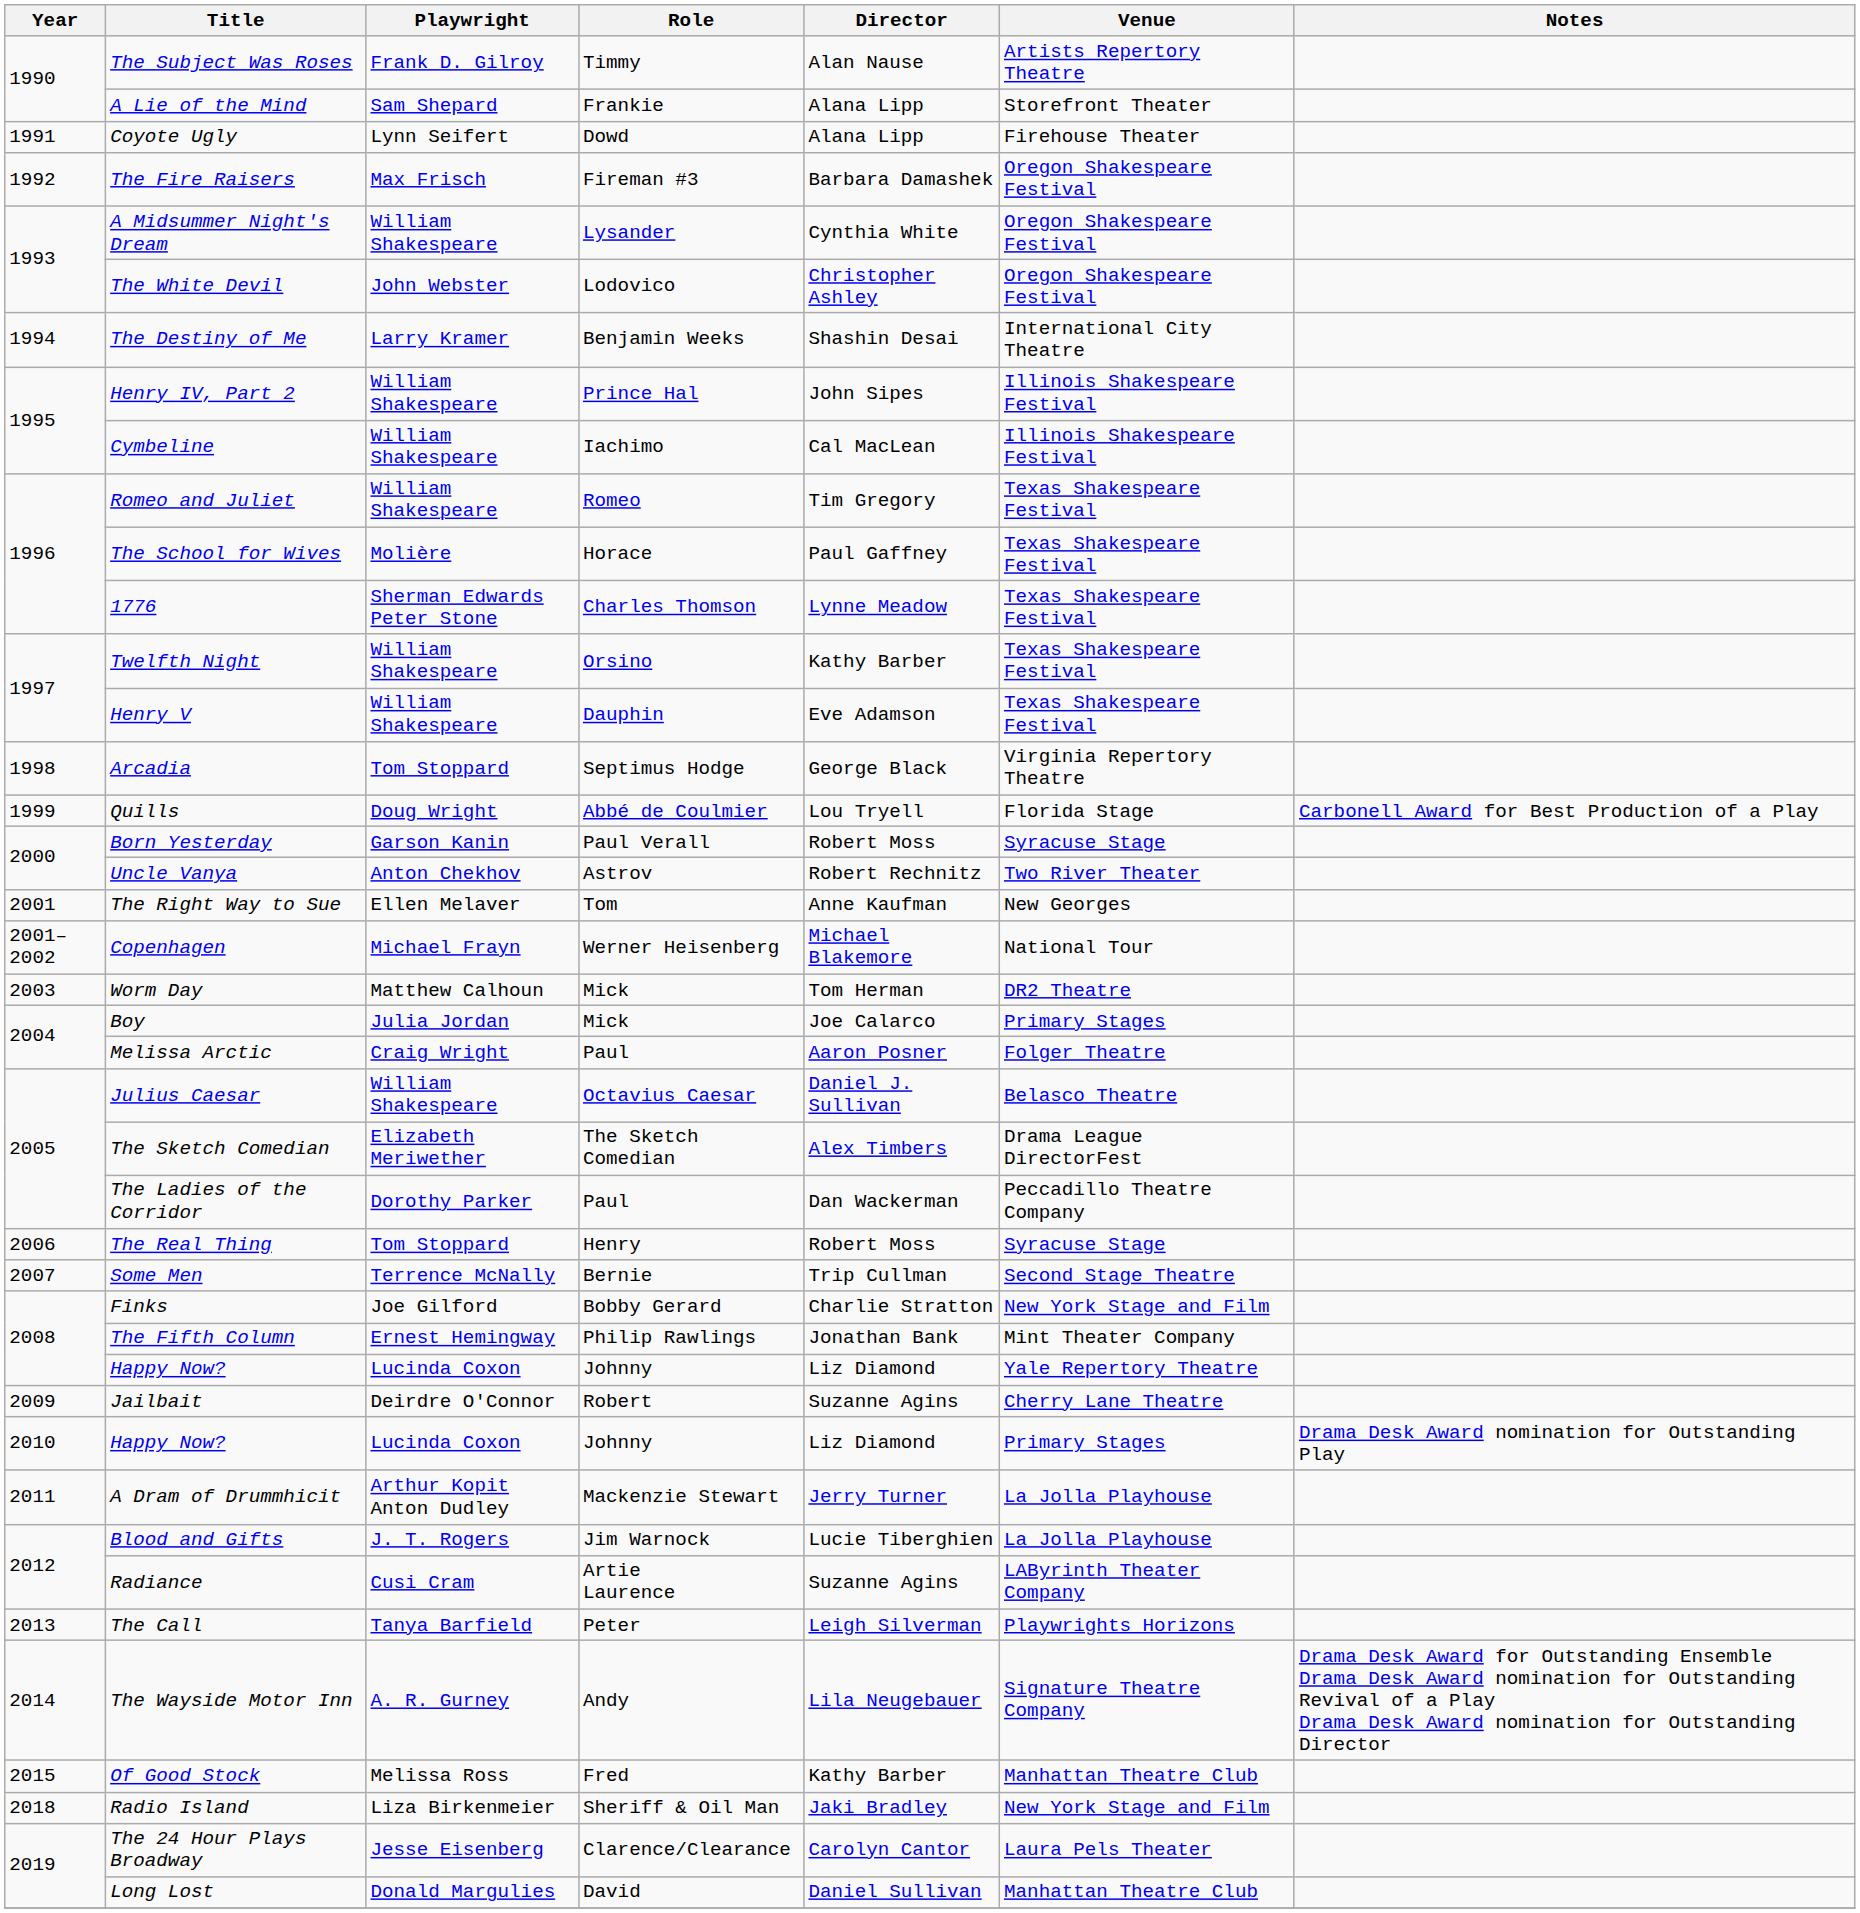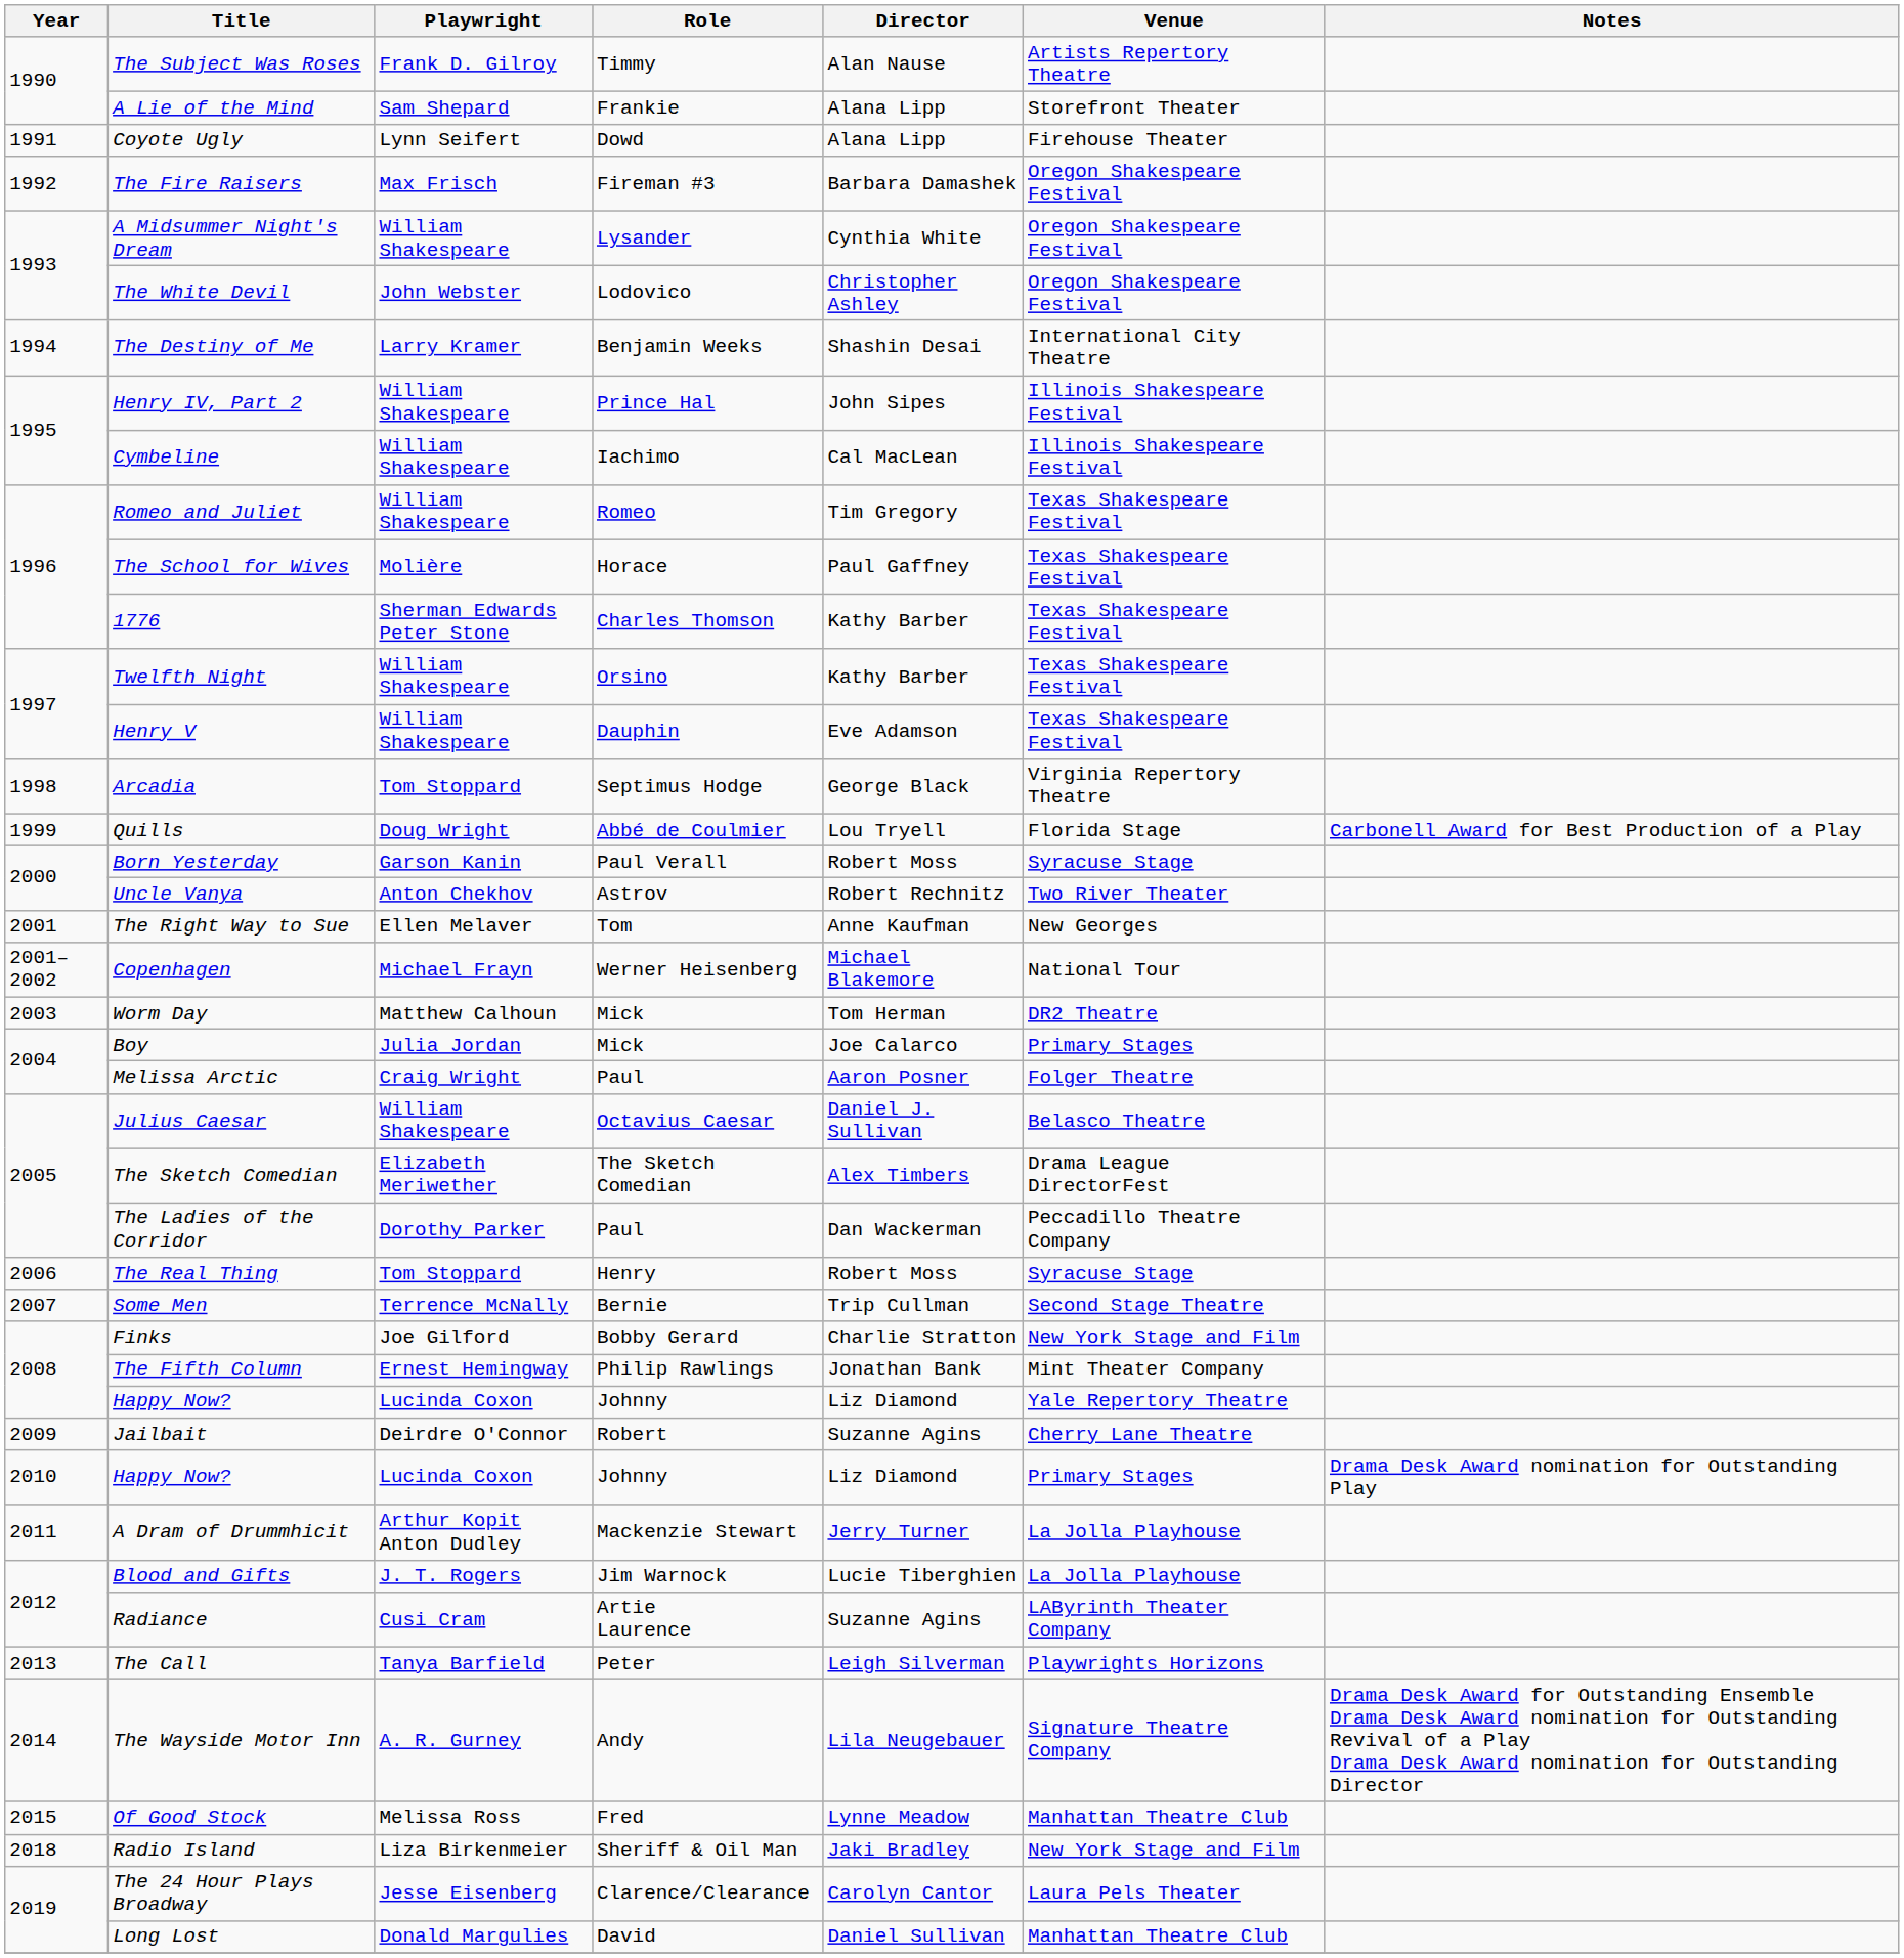 <table class="wikitable sortable">
 <tr>
 <th>Year</th>
 <th>Title</th>
 <th>Playwright</th>
 <th>Role</th>
 <th>Director</th>
 <th>Venue</th>
 <th>Notes</th>
 </tr>
 <tr>
 <td rowspan=2>1990</td>
 <td><em><a href='#'>The Subject Was Roses</a></em></td>
 <td><a href='#'>Frank D. Gilroy</a></td>
 <td>Timmy</td>
 <td>Alan Nause</td>
 <td><a href='#'>Artists Repertory Theatre</a></td>
 <td></td>
 </tr>
 <tr>
 <td><em><a href='#'>A Lie of the Mind</a></em></td>
 <td><a href='#'>Sam Shepard</a></td>
 <td>Frankie</td>
 <td>Alana Lipp</td>
 <td>Storefront Theater</td>
 <td></td>
 </tr>
 <tr>
 <td>1991</td>
 <td><em>Coyote Ugly</em></td>
 <td>Lynn Seifert</td>
 <td>Dowd</td>
 <td>Alana Lipp</td>
 <td>Firehouse Theater</td>
 <td></td>
 </tr>
 <tr>
 <td>1992</td>
 <td><em><a href='#'>The Fire Raisers</a></em></td>
 <td><a href='#'>Max Frisch</a></td>
 <td>Fireman #3</td>
 <td>Barbara Damashek</td>
 <td><a href='#'>Oregon Shakespeare Festival</a></td>
 <td></td>
 </tr>
 <tr>
 <td rowspan=2>1993</td>
 <td><em><a href='#'>A Midsummer Night's Dream</a></em></td>
 <td><a href='#'>William Shakespeare</a></td>
 <td><a href='#'>Lysander</a></td>
 <td>Cynthia White</td>
 <td><a href='#'>Oregon Shakespeare Festival</a></td>
 <td></td>
 </tr>
 <tr>
 <td><em><a href='#'>The White Devil</a></em></td>
 <td><a href='#'>John Webster</a></td>
 <td>Lodovico</td>
 <td><a href='#'>Christopher Ashley</a></td>
 <td><a href='#'>Oregon Shakespeare Festival</a></td>
 <td></td>
 </tr>
 <tr>
 <td>1994</td>
 <td><em><a href='#'>The Destiny of Me</a></em></td>
 <td><a href='#'>Larry Kramer</a></td>
 <td>Benjamin Weeks</td>
 <td>Shashin Desai</td>
 <td>International City Theatre</td>
 <td></td>
 </tr>
 <tr>
 <td rowspan=2>1995</td>
 <td><em><a href='#'>Henry IV, Part 2</a></em></td>
 <td><a href='#'>William Shakespeare</a></td>
 <td><a href='#'>Prince Hal</a></td>
 <td>John Sipes</td>
 <td><a href='#'>Illinois Shakespeare Festival</a></td>
 <td></td>
 </tr>
 <tr>
 <td><em><a href='#'>Cymbeline</a></em></td>
 <td><a href='#'>William Shakespeare</a></td>
 <td>Iachimo</td>
 <td>Cal MacLean</td>
 <td><a href='#'>Illinois Shakespeare Festival</a></td>
 <td></td>
 </tr>
 <tr>
 <td rowspan=3>1996</td>
 <td><em><a href='#'>Romeo and Juliet</a></em></td>
 <td><a href='#'>William Shakespeare</a></td>
 <td><a href='#'>Romeo</a></td>
 <td>Tim Gregory</td>
 <td><a href='#'>Texas Shakespeare Festival</a></td>
 <td></td>
 </tr>
 <tr>
 <td><em><a href='#'>The School for Wives</a></em></td>
 <td><a href='#'>Molière</a></td>
 <td>Horace</td>
 <td>Paul Gaffney</td>
 <td><a href='#'>Texas Shakespeare Festival</a></td>
 <td></td>
 </tr>
 <tr>
 <td><em><a href='#'>1776</a></em></td>
 <td><a href='#'>Sherman Edwards</a> <br> <a href='#'>Peter Stone</a></td>
 <td><a href='#'>Charles Thomson</a></td>
-<td><a href='#'>Lynne Meadow</a></td>
+<td>Kathy Barber</td>
 <td><a href='#'>Texas Shakespeare Festival</a></td>
 <td></td>
 </tr>
 <tr>
 <td rowspan=2>1997</td>
 <td><em><a href='#'>Twelfth Night</a></em></td>
 <td><a href='#'>William Shakespeare</a></td>
 <td><a href='#'>Orsino</a></td>
 <td>Kathy Barber</td>
 <td><a href='#'>Texas Shakespeare Festival</a></td>
 <td></td>
 </tr>
 <tr>
 <td><em><a href='#'>Henry V</a></em></td>
 <td><a href='#'>William Shakespeare</a></td>
 <td><a href='#'>Dauphin</a></td>
 <td>Eve Adamson</td>
 <td><a href='#'>Texas Shakespeare Festival</a></td>
 <td></td>
 </tr>
 <tr>
 <td>1998</td>
 <td><em><a href='#'>Arcadia</a></em></td>
 <td><a href='#'>Tom Stoppard</a></td>
 <td>Septimus Hodge</td>
 <td>George Black</td>
 <td>Virginia Repertory Theatre</td>
 <td></td>
 </tr>
 <tr>
 <td>1999</td>
 <td><em>Quills</em></td>
 <td><a href='#'>Doug Wright</a></td>
 <td><a href='#'>Abbé de Coulmier</a></td>
 <td>Lou Tryell</td>
 <td>Florida Stage</td>
 <td><a href='#'>Carbonell Award</a> for Best Production of a Play</td>
 </tr>
 <tr>
 <td rowspan=2>2000</td>
 <td><em><a href='#'>Born Yesterday</a></em></td>
 <td><a href='#'>Garson Kanin</a></td>
 <td>Paul Verall</td>
 <td>Robert Moss</td>
 <td><a href='#'>Syracuse Stage</a></td>
 <td></td>
 </tr>
 <tr>
 <td><em><a href='#'>Uncle Vanya</a></em></td>
 <td><a href='#'>Anton Chekhov</a></td>
 <td>Astrov</td>
 <td>Robert Rechnitz</td>
 <td><a href='#'>Two River Theater</a></td>
 <td></td>
 </tr>
 <tr>
 <td>2001</td>
 <td><em>The Right Way to Sue</em></td>
 <td>Ellen Melaver</td>
 <td>Tom</td>
 <td>Anne Kaufman</td>
 <td>New Georges</td>
 <td></td>
 </tr>
 <tr>
 <td>2001–2002</td>
 <td><em><a href='#'>Copenhagen</a></em></td>
 <td><a href='#'>Michael Frayn</a></td>
 <td>Werner Heisenberg</td>
 <td><a href='#'>Michael Blakemore</a></td>
 <td>National Tour</td>
 <td></td>
 </tr>
 <tr>
 <td>2003</td>
 <td><em>Worm Day</em></td>
 <td>Matthew Calhoun</td>
 <td>Mick</td>
 <td>Tom Herman</td>
 <td><a href='#'>DR2 Theatre</a></td>
 <td></td>
 </tr>
 <tr>
 <td rowspan=2>2004</td>
 <td><em>Boy</em></td>
 <td><a href='#'>Julia Jordan</a></td>
 <td>Mick</td>
 <td>Joe Calarco</td>
 <td><a href='#'>Primary Stages</a></td>
 <td></td>
 </tr>
 <tr>
 <td><em>Melissa Arctic</em></td>
 <td><a href='#'>Craig Wright</a></td>
 <td>Paul</td>
 <td><a href='#'>Aaron Posner</a></td>
 <td><a href='#'>Folger Theatre</a></td>
 <td></td>
 </tr>
 <tr>
 <td rowspan=3>2005</td>
 <td><em><a href='#'>Julius Caesar</a></em></td>
 <td><a href='#'>William Shakespeare</a></td>
 <td><a href='#'>Octavius Caesar</a></td>
 <td><a href='#'>Daniel J. Sullivan</a></td>
 <td><a href='#'>Belasco Theatre</a></td>
 <td></td>
 </tr>
 <tr>
 <td><em>The Sketch Comedian</em></td>
 <td><a href='#'>Elizabeth Meriwether</a></td>
 <td>The Sketch Comedian</td>
 <td><a href='#'>Alex Timbers</a></td>
 <td>Drama League DirectorFest</td>
 <td></td>
 </tr>
 <tr>
 <td><em>The Ladies of the Corridor</em></td>
 <td><a href='#'>Dorothy Parker</a></td>
 <td>Paul</td>
 <td>Dan Wackerman</td>
 <td>Peccadillo Theatre Company</td>
 <td></td>
 </tr>
 <tr>
 <td>2006</td>
 <td><em><a href='#'>The Real Thing</a></em></td>
 <td><a href='#'>Tom Stoppard</a></td>
 <td>Henry</td>
 <td>Robert Moss</td>
 <td><a href='#'>Syracuse Stage</a></td>
 <td></td>
 </tr>
 <tr>
 <td>2007</td>
 <td><em><a href='#'>Some Men</a></em></td>
 <td><a href='#'>Terrence McNally</a></td>
 <td>Bernie</td>
 <td>Trip Cullman</td>
 <td><a href='#'>Second Stage Theatre</a></td>
 <td></td>
 </tr>
 <tr>
 <td rowspan=3>2008</td>
 <td><em>Finks</em></td>
 <td>Joe Gilford</td>
 <td>Bobby Gerard</td>
 <td>Charlie Stratton</td>
 <td><a href='#'>New York Stage and Film</a></td>
 <td></td>
 </tr>
 <tr>
 <td><em><a href='#'>The Fifth Column</a></em></td>
 <td><a href='#'>Ernest Hemingway</a></td>
 <td>Philip Rawlings</td>
 <td>Jonathan Bank</td>
 <td>Mint Theater Company</td>
 <td></td>
 </tr>
 <tr>
 <td><em><a href='#'>Happy Now?</a></em></td>
 <td><a href='#'>Lucinda Coxon</a></td>
 <td>Johnny</td>
 <td>Liz Diamond</td>
 <td><a href='#'>Yale Repertory Theatre</a></td>
 <td></td>
 </tr>
 <tr>
 <td>2009</td>
 <td><em>Jailbait</em></td>
 <td>Deirdre O'Connor</td>
 <td>Robert</td>
 <td>Suzanne Agins</td>
 <td><a href='#'>Cherry Lane Theatre</a></td>
 <td></td>
 </tr>
 <tr>
 <td>2010</td>
 <td><em><a href='#'>Happy Now?</a></em></td>
 <td><a href='#'>Lucinda Coxon</a></td>
 <td>Johnny</td>
 <td>Liz Diamond</td>
 <td><a href='#'>Primary Stages</a></td>
 <td><a href='#'>Drama Desk Award</a> nomination for Outstanding Play</td>
 </tr>
 <tr>
 <td>2011</td>
 <td><em>A Dram of Drummhicit</em></td>
 <td><a href='#'>Arthur Kopit</a> <br> Anton Dudley</td>
 <td>Mackenzie Stewart</td>
 <td><a href='#'>Jerry Turner</a></td>
 <td><a href='#'>La Jolla Playhouse</a></td>
 <td></td>
 </tr>
 <tr>
 <td rowspan=2>2012</td>
 <td><em><a href='#'>Blood and Gifts</a></em></td>
 <td><a href='#'>J. T. Rogers</a></td>
 <td>Jim Warnock</td>
 <td>Lucie Tiberghien</td>
 <td><a href='#'>La Jolla Playhouse</a></td>
 <td></td>
 </tr>
 <tr>
 <td><em>Radiance</em></td>
 <td><a href='#'>Cusi Cram</a></td>
 <td>Artie <br> Laurence</td>
 <td>Suzanne Agins</td>
 <td><a href='#'>LAByrinth Theater Company</a></td>
 <td></td>
 </tr>
 <tr>
 <td>2013</td>
 <td><em>The Call</em></td>
 <td><a href='#'>Tanya Barfield</a></td>
 <td>Peter</td>
 <td><a href='#'>Leigh Silverman</a></td>
 <td><a href='#'>Playwrights Horizons</a></td>
 <td></td>
 </tr>
 <tr>
 <td>2014</td>
 <td><em>The Wayside Motor Inn</em></td>
 <td><a href='#'>A. R. Gurney</a></td>
 <td>Andy</td>
 <td><a href='#'>Lila Neugebauer</a></td>
 <td><a href='#'>Signature Theatre Company</a></td>
 <td><a href='#'>Drama Desk Award</a> for Outstanding Ensemble <br> <a href='#'>Drama Desk Award</a> nomination for Outstanding Revival of a Play <br> <a href='#'>Drama Desk Award</a> nomination for Outstanding Director</td>
 </tr>
 <tr>
 <td>2015</td>
 <td><em><a href='#'>Of Good Stock</a></em></td>
 <td>Melissa Ross</td>
 <td>Fred</td>
-<td>Kathy Barber</td>
+<td><a href='#'>Lynne Meadow</a></td>
 <td><a href='#'>Manhattan Theatre Club</a></td>
 <td></td>
 </tr>
 <tr>
 <td>2018</td>
 <td><em>Radio Island</em></td>
 <td>Liza Birkenmeier</td>
 <td>Sheriff & Oil Man</td>
 <td><a href='#'>Jaki Bradley</a></td>
 <td><a href='#'>New York Stage and Film</a></td>
 <td></td>
 </tr>
 <tr>
 <td rowspan=2>2019</td>
 <td><em>The 24 Hour Plays Broadway</em></td>
 <td><a href='#'>Jesse Eisenberg</a></td>
 <td>Clarence/Clearance</td>
 <td><a href='#'>Carolyn Cantor</a></td>
 <td><a href='#'>Laura Pels Theater</a></td>
 <td></td>
 </tr>
 <tr>
 <td><em>Long Lost</em></td>
 <td><a href='#'>Donald Margulies</a></td>
 <td>David</td>
 <td><a href='#'>Daniel Sullivan</a></td>
 <td><a href='#'>Manhattan Theatre Club</a></td>
 <td></td>
 </tr>
 <tr>
 </tr>
 </table>
